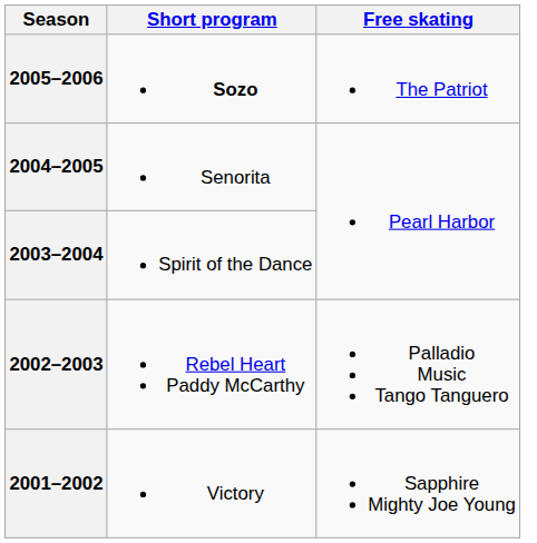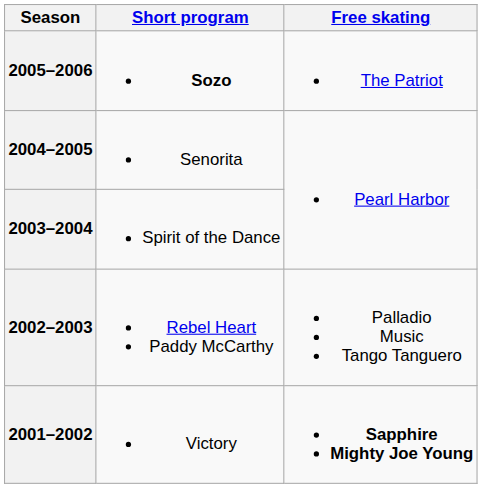 <table class=wikitable style=text-align:center>
 <tr>
 <th>Season</th>
 <th><a href='#'>Short program</a></th>
 <th><a href='#'>Free skating</a></th>
 </tr>
 <tr>
 <th>2005–2006 <br> </th>
 <td><strong><br><ul><li>Sozo <br></li></ul></strong></td>
 <td><br><ul><li><a href='#'>The Patriot</a> <br></li></ul></td>
 </tr>
 <tr>
 <th>2004–2005 <br> </th>
 <td><br><ul><li>Senorita <br></li></ul></td>
 <td rowspan=2><br><ul><li><a href='#'>Pearl Harbor</a> <br></li></ul></td>
 </tr>
 <tr>
 <th>2003–2004 <br> </th>
 <td><br><ul><li>Spirit of the Dance</li></ul></td>
 </tr>
 <tr>
 <th>2002–2003 <br> </th>
 <td><br><ul><li><a href='#'>Rebel Heart</a> <br></li><li>Paddy McCarthy <br></li></ul></td>
 <td><br><ul><li>Palladio <br></li><li>Music <br></li><li>Tango Tanguero</li></ul></td>
 </tr>
 <tr>
 <th>2001–2002 <br> </th>
 <td><br><ul><li>Victory <br></li></ul></td>
-<td><br><ul><li>Sapphire <br></li><li>Mighty Joe Young</li></ul></td>
+<td><strong><br><ul><li>Sapphire <br></li><li>Mighty Joe Young</li></ul></strong></td>
 </tr>
 </table>
